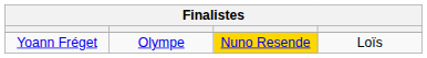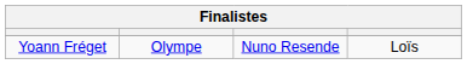 <table class="wikitable" text=align:center>
 <tr>
 <th colspan=4 style="width:95%;">Finalistes</th>
 </tr>
 <tr>
 <th style="width:23%;" scope="col"></th>
 <th style="width:23%;" scope="col"></th>
 <th style="width:23%;" scope="col"></th>
 <th style="width:23%;" scope="col"></th>
 </tr>
 <tr>
 </tr>
 <tr align="center" valign="top">
 <td><a href='#'>Yoann Fréget</a></td>
 <td><a href='#'>Olympe</a></td>
-<td style="background: gold;"><a href='#'>Nuno Resende</a></td>
+<td><a href='#'>Nuno Resende</a></td>
 <td>Loïs</td>
 </tr>
 </table>
